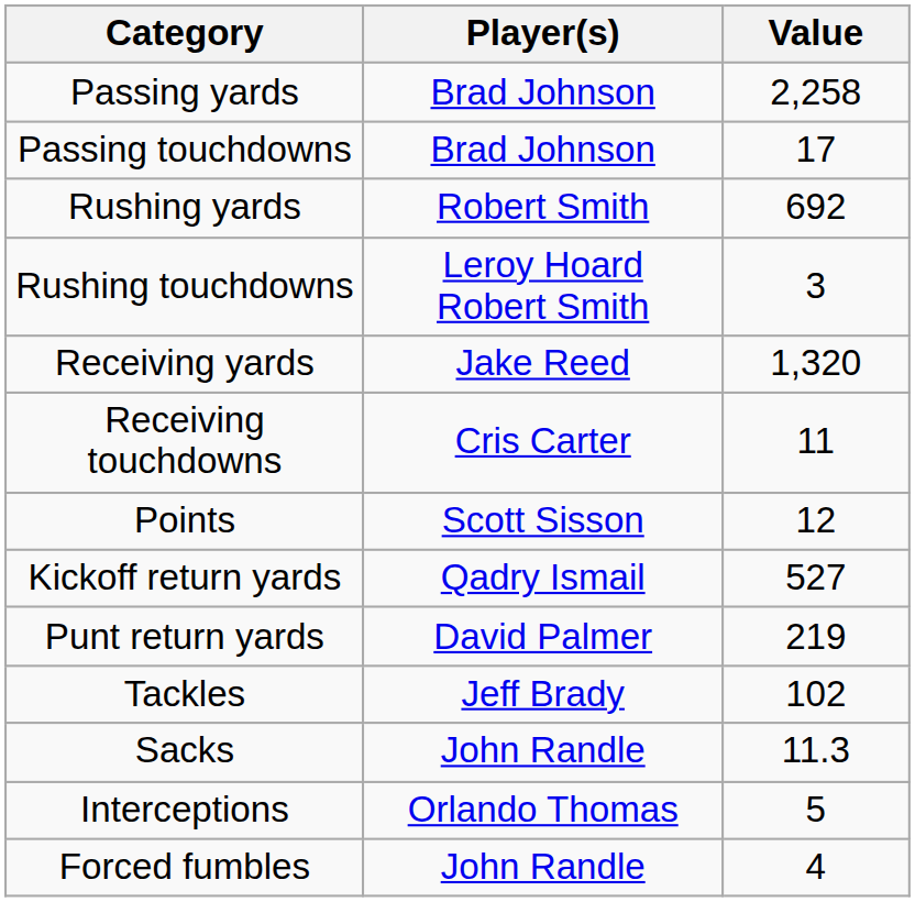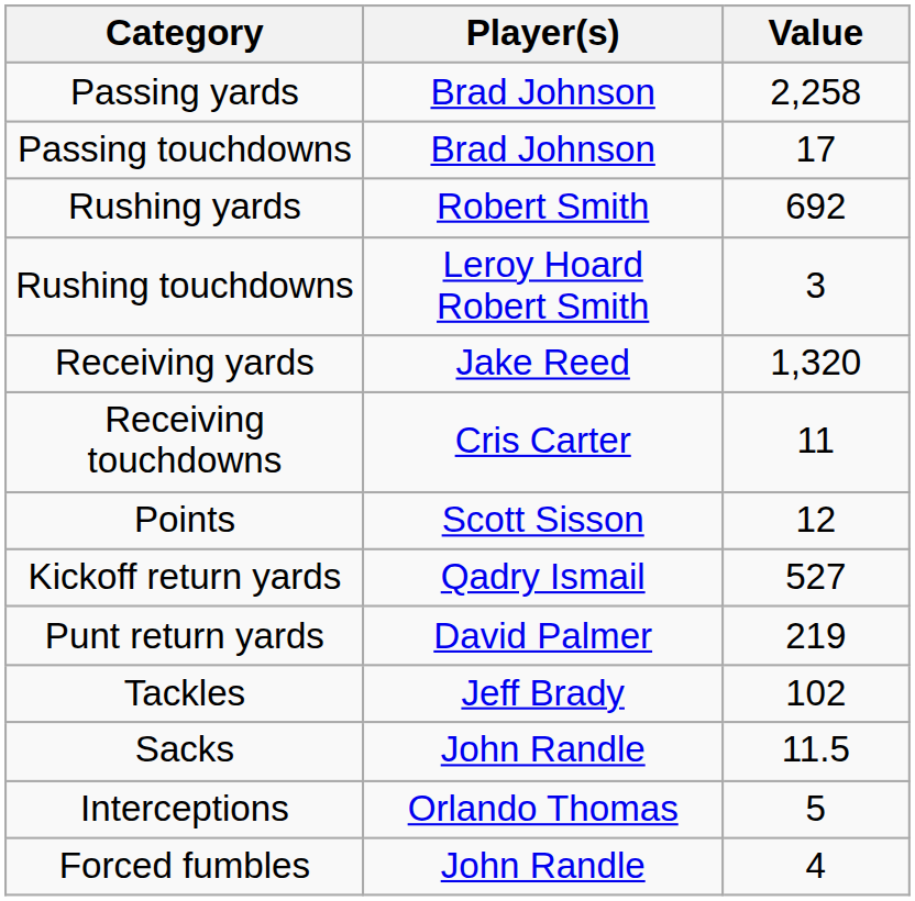 <table class="wikitable" style="text-align:center">
 <tr>
 <th width=150px>Category</th>
 <th width=150px>Player(s)</th>
 <th width=75px>Value</th>
 </tr>
 <tr>
 <td>Passing yards</td>
 <td><a href='#'>Brad Johnson</a></td>
 <td>2,258</td>
 </tr>
 <tr>
 <td>Passing touchdowns</td>
 <td><a href='#'>Brad Johnson</a></td>
 <td>17</td>
 </tr>
 <tr>
 <td>Rushing yards</td>
 <td><a href='#'>Robert Smith</a></td>
 <td>692</td>
 </tr>
 <tr>
 <td>Rushing touchdowns</td>
 <td><a href='#'>Leroy Hoard</a> <br> <a href='#'>Robert Smith</a></td>
 <td>3</td>
 </tr>
 <tr>
 <td>Receiving yards</td>
 <td><a href='#'>Jake Reed</a></td>
 <td>1,320</td>
 </tr>
 <tr>
 <td>Receiving touchdowns</td>
 <td><a href='#'>Cris Carter</a></td>
 <td>11</td>
 </tr>
 <tr>
 <td>Points</td>
 <td><a href='#'>Scott Sisson</a></td>
 <td>12</td>
 </tr>
 <tr>
 <td>Kickoff return yards</td>
 <td><a href='#'>Qadry Ismail</a></td>
 <td>527</td>
 </tr>
 <tr>
 <td>Punt return yards</td>
 <td><a href='#'>David Palmer</a></td>
 <td>219</td>
 </tr>
 <tr>
 <td>Tackles</td>
 <td><a href='#'>Jeff Brady</a></td>
 <td>102</td>
 </tr>
 <tr>
 <td>Sacks</td>
 <td><a href='#'>John Randle</a></td>
-<td>11.3</td>
+<td>11.5</td>
 </tr>
 <tr>
 <td>Interceptions</td>
 <td><a href='#'>Orlando Thomas</a></td>
 <td>5</td>
 </tr>
 <tr>
 <td>Forced fumbles</td>
 <td><a href='#'>John Randle</a></td>
 <td>4</td>
 </tr>
 </table>
